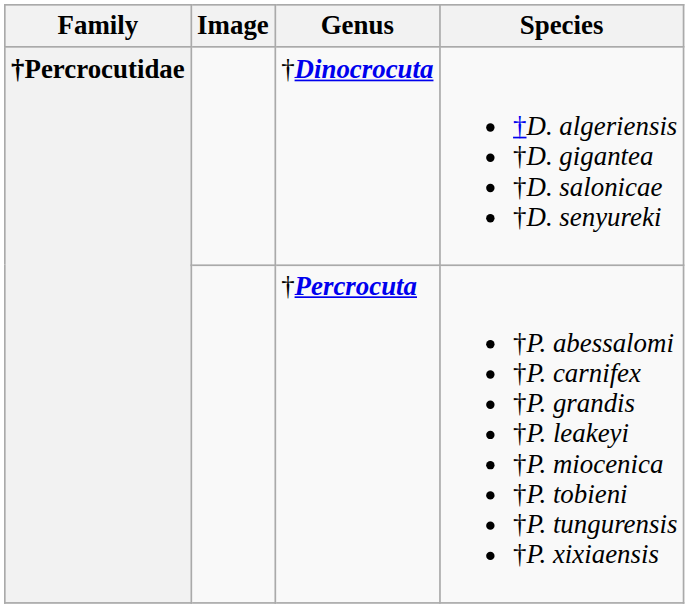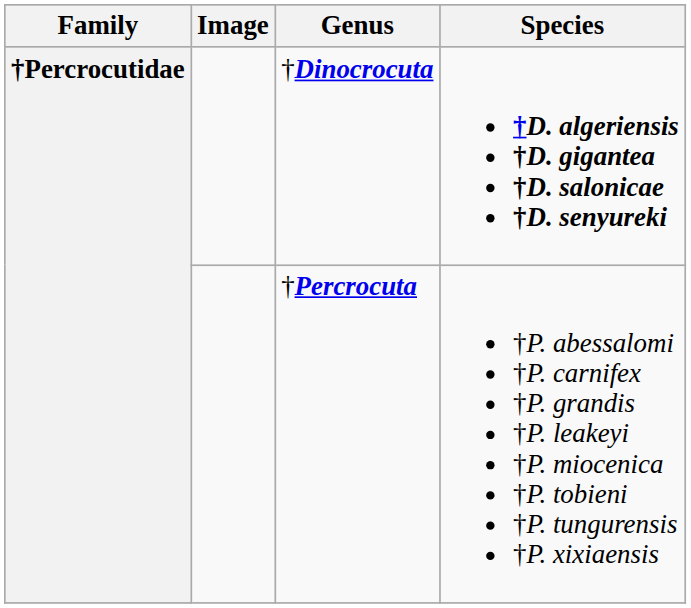 <table class="wikitable">
 <tr>
 <th>Family</th>
 <th>Image</th>
 <th>Genus</th>
 <th>Species</th>
 </tr>
 <tr style="vertical-align:top;">
 <th rowspan="2" style="text-align:center;">†Percrocutidae</th>
 <td></td>
 <td>†<strong><em><a href='#'>Dinocrocuta</a></em></strong> </td>
-<td><br><ul><li><a href='#'>†</a><em>D. algeriensis</em></li><li>†<em>D. gigantea</em></li><li>†<em>D. salonicae</em></li><li>†<em>D. senyureki</em></li></ul></td>
+<td><strong><br><ul><li><a href='#'>†</a><em>D. algeriensis</em></li><li>†<em>D. gigantea</em></li><li>†<em>D. salonicae</em></li><li>†<em>D. senyureki</em></li></ul></strong></td>
 </tr>
 <tr style="vertical-align:top;">
 <td></td>
 <td>†<strong><em><a href='#'>Percrocuta</a></em></strong> </td>
 <td><br><ul><li>†<em>P. abessalomi</em></li><li>†<em>P. carnifex</em></li><li>†<em>P. grandis</em></li><li>†<em>P. leakeyi</em></li><li>†<em>P. miocenica</em></li><li>†<em>P. tobieni</em></li><li>†<em>P. tungurensis</em></li><li>†<em>P. xixiaensis</em></li></ul></td>
 </tr>
 </table>
